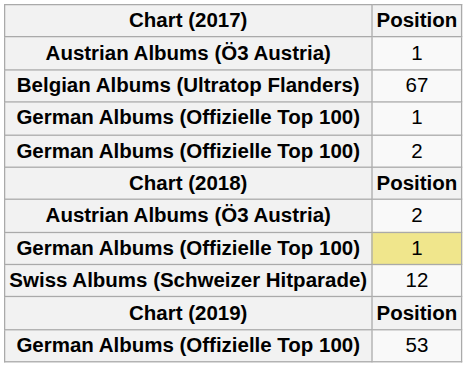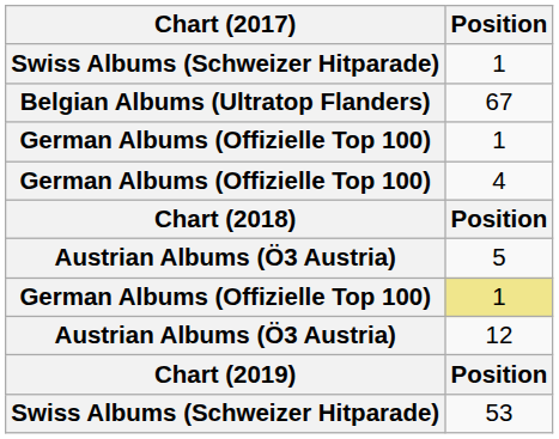 <table class="wikitable sortable plainrowheaders" style="text-align:center">
 <tr>
 <th scope="col">Chart (2017)</th>
 <th scope="col">Position</th>
 </tr>
 <tr>
-<th scope="row">Austrian Albums (Ö3 Austria)</th>
+<th scope="row">Swiss Albums (Schweizer Hitparade)</th>
 <td>1</td>
 </tr>
 <tr>
 <th scope="row">Belgian Albums (Ultratop Flanders)</th>
 <td>67</td>
 </tr>
 <tr>
 <th scope="row">German Albums (Offizielle Top 100)</th>
 <td>1</td>
 </tr>
 <tr>
 <th scope="row">German Albums (Offizielle Top 100)</th>
-<td>2</td>
+<td>4</td>
 </tr>
 <tr>
 <th scope="col">Chart (2018)</th>
 <th scope="col">Position</th>
 </tr>
 <tr>
 <th scope="row">Austrian Albums (Ö3 Austria)</th>
-<td>2</td>
+<td>5</td>
 </tr>
 <tr>
 <th scope="row">German Albums (Offizielle Top 100)</th>
 <td style="background: khaki;">1</td>
 </tr>
 <tr>
-<th scope="row">Swiss Albums (Schweizer Hitparade)</th>
+<th scope="row">Austrian Albums (Ö3 Austria)</th>
 <td>12</td>
 </tr>
 <tr>
 <th scope="col">Chart (2019)</th>
 <th scope="col">Position</th>
 </tr>
 <tr>
-<th scope="row">German Albums (Offizielle Top 100)</th>
+<th scope="row">Swiss Albums (Schweizer Hitparade)</th>
 <td>53</td>
 </tr>
 </table>
